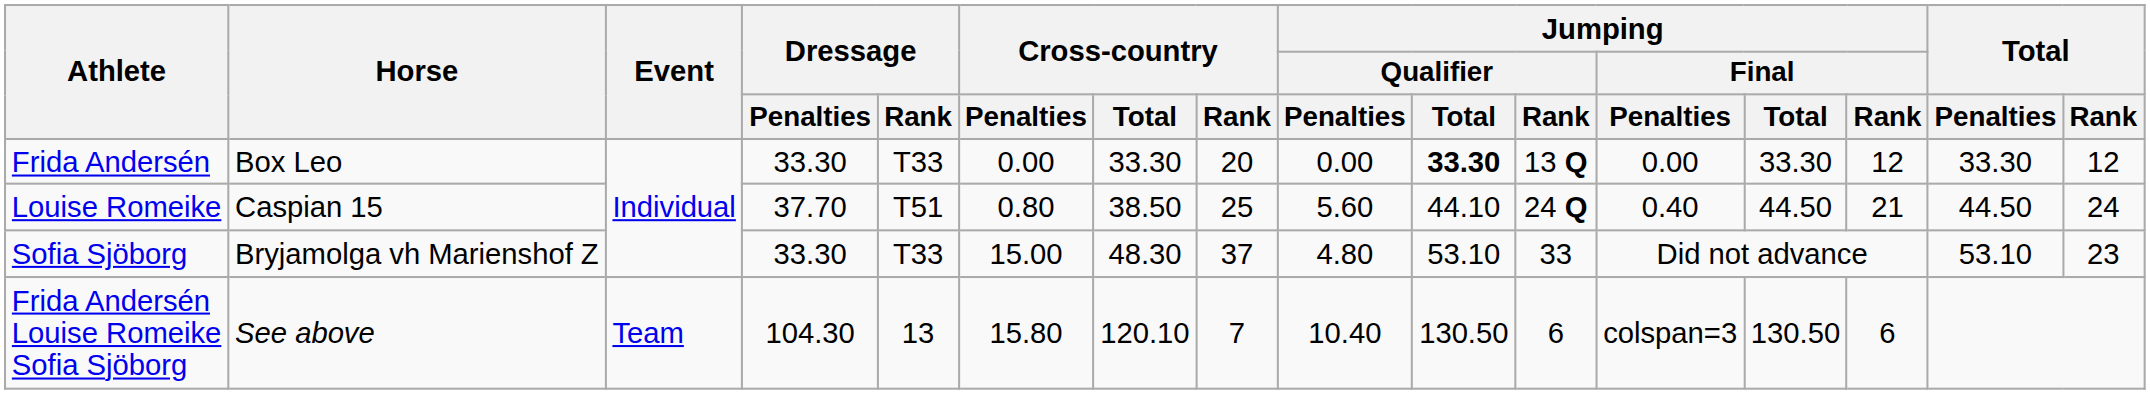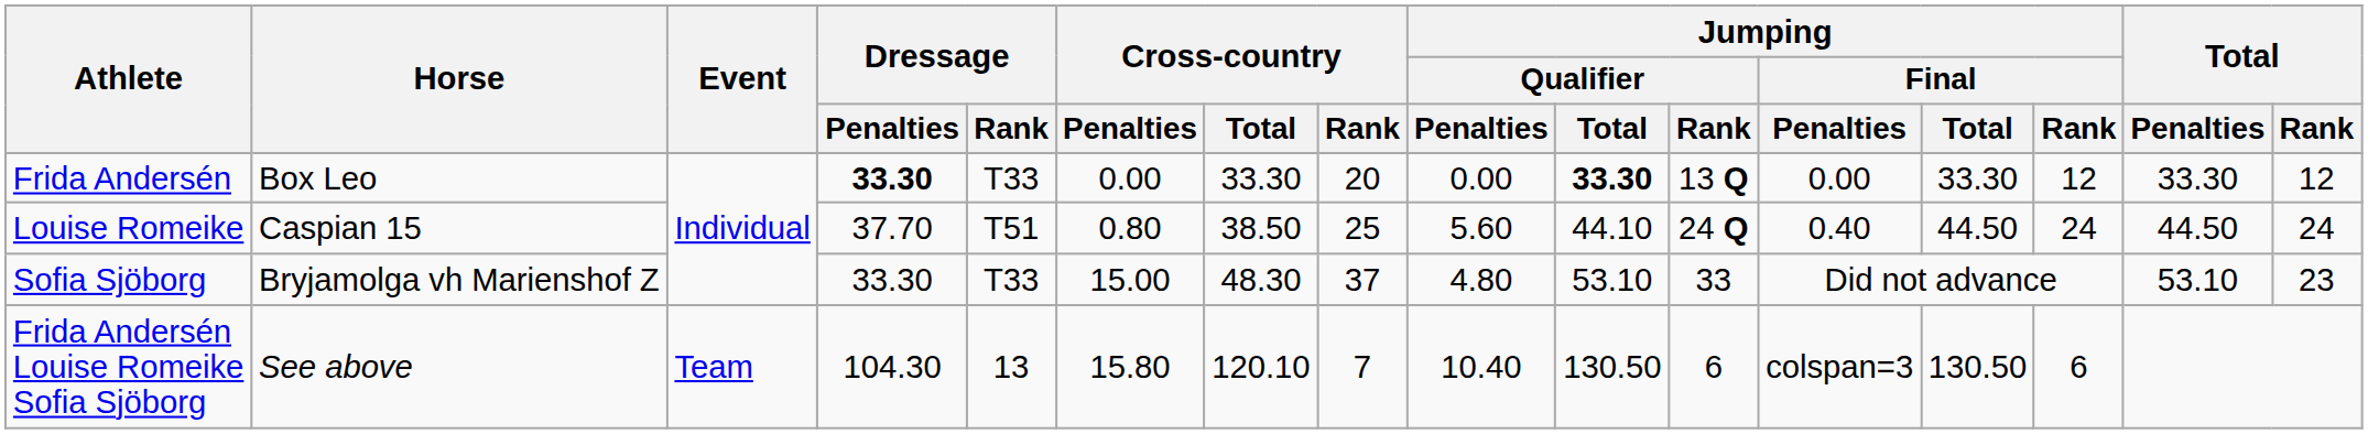 <table class=wikitable style=font-size:90%;text-align:center>
 <tr>
 <th rowspan="3">Athlete</th>
 <th rowspan="3">Horse</th>
 <th rowspan="3">Event</th>
 <th colspan="2" rowspan="2">Dressage</th>
 <th colspan="3" rowspan="2">Cross-country</th>
 <th colspan="6">Jumping</th>
 <th colspan="2" rowspan="2">Total</th>
 </tr>
 <tr style="font-size:95%">
 <th colspan="3">Qualifier</th>
 <th colspan="3">Final</th>
 </tr>
 <tr style="font-size:95%">
 <th>Penalties</th>
 <th>Rank</th>
 <th>Penalties</th>
 <th>Total</th>
 <th>Rank</th>
 <th>Penalties</th>
 <th>Total</th>
 <th>Rank</th>
 <th>Penalties</th>
 <th>Total</th>
 <th>Rank</th>
 <th>Penalties</th>
 <th>Rank</th>
 </tr>
 <tr>
 <td align=left><a href='#'>Frida Andersén</a></td>
 <td align=left>Box Leo</td>
 <td rowspan=3 align=left><a href='#'>Individual</a></td>
-<td>33.30</td>
+<td><strong>33.30</strong></td>
 <td>T33</td>
 <td>0.00</td>
 <td>33.30</td>
 <td>20</td>
 <td>0.00</td>
 <td><strong>33.30</strong></td>
 <td>13 <strong>Q</strong></td>
 <td>0.00</td>
 <td>33.30</td>
 <td>12</td>
 <td>33.30</td>
 <td>12</td>
 </tr>
 <tr>
 <td align=left><a href='#'>Louise Romeike</a></td>
 <td align=left>Caspian 15</td>
 <td>37.70</td>
 <td>T51</td>
 <td>0.80</td>
 <td>38.50</td>
 <td>25</td>
 <td>5.60</td>
 <td>44.10</td>
 <td>24 <strong>Q</strong></td>
 <td>0.40</td>
 <td>44.50</td>
-<td>21</td>
+<td>24</td>
 <td>44.50</td>
 <td>24</td>
 </tr>
 <tr>
 <td align=left><a href='#'>Sofia Sjöborg</a></td>
 <td align=left>Bryjamolga vh Marienshof Z</td>
 <td>33.30</td>
 <td>T33</td>
 <td>15.00</td>
 <td>48.30</td>
 <td>37</td>
 <td>4.80</td>
 <td>53.10</td>
 <td>33</td>
 <td colspan=3>Did not advance</td>
 <td>53.10</td>
 <td>23</td>
 </tr>
 <tr>
 <td align=left><a href='#'>Frida Andersén</a><br><a href='#'>Louise Romeike</a><br><a href='#'>Sofia Sjöborg</a></td>
 <td align=left><em>See above</em></td>
 <td align=left><a href='#'>Team</a></td>
 <td>104.30</td>
 <td>13</td>
 <td>15.80</td>
 <td>120.10</td>
 <td>7</td>
 <td>10.40</td>
 <td>130.50</td>
 <td>6</td>
 <td>colspan=3 </td>
 <td>130.50</td>
 <td>6</td>
 </tr>
 </table>
